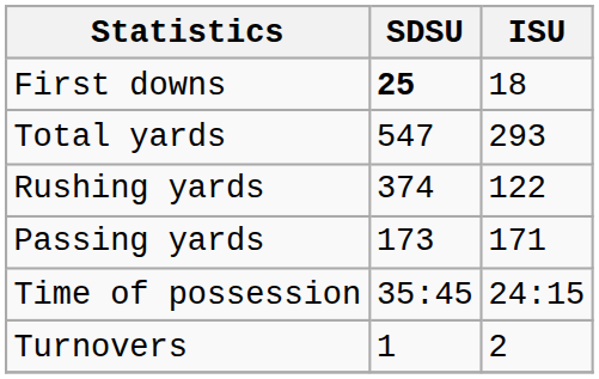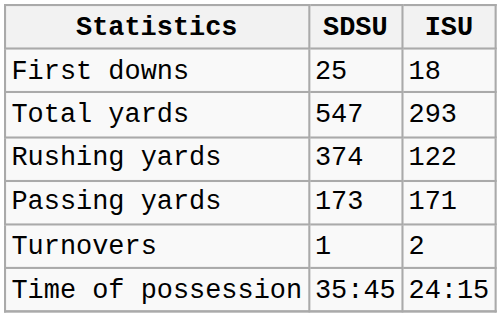 <table class="wikitable">
 <tr>
 <th>Statistics</th>
 <th>SDSU</th>
 <th>ISU</th>
 </tr>
 <tr>
 <td>First downs</td>
-<td><strong>25</strong></td>
+<td>25</td>
 <td>18</td>
 </tr>
 <tr>
 <td>Total yards</td>
 <td>547</td>
 <td>293</td>
 </tr>
 <tr>
 <td>Rushing yards</td>
 <td>374</td>
 <td>122</td>
 </tr>
 <tr>
 <td>Passing yards</td>
 <td>173</td>
 <td>171</td>
 </tr>
 <tr>
+<td>Turnovers</td>
+<td>1</td>
+<td>2</td>
+</tr>
+<tr>
 <td>Time of possession</td>
 <td>35:45</td>
 <td>24:15</td>
 </tr>
 <tr>
-<td>Turnovers</td>
-<td>1</td>
-<td>2</td>
-</tr>
-<tr>
 </tr>
 </table>
